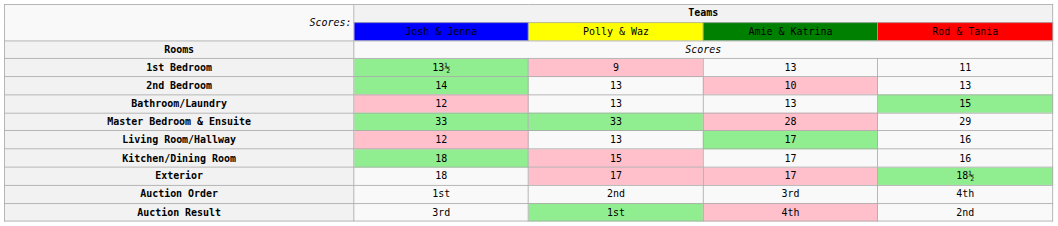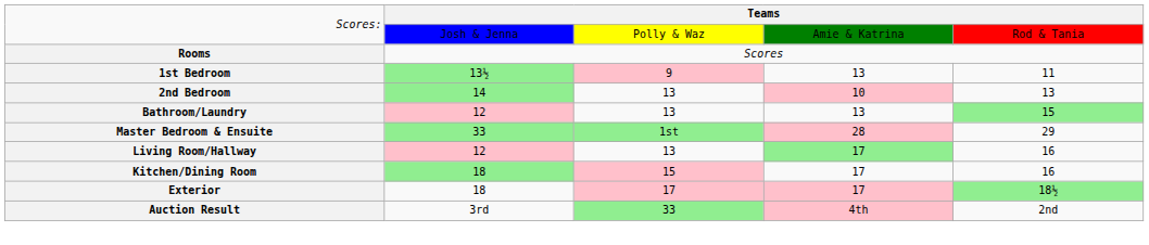 <table class="wikitable" style="text-align: center; font-size: 9pt; line-height:16px; width:100%">
 <tr>
 <td style="width:10%; text-align:right;" rowspan="2"><em>Scores:</em></td>
 <th colspan="4">Teams</th>
 </tr>
 <tr>
 <td style="width:5%;" bgcolor="blue" style="color:white;">Josh & Jenna</td>
 <td style="width:5%;" bgcolor="yellow" style="color:black;">Polly & Waz</td>
 <td style="width:5%;" bgcolor="green" style="color:white;">Amie & Katrina</td>
 <td style="width:5%;" bgcolor="red" style="color:white;">Rod & Tania</td>
 </tr>
 <tr>
 <th>Rooms</th>
 <td colspan="4"><em>Scores</em></td>
 </tr>
 <tr>
 <th style="width:5%;">1st Bedroom</th>
 <td bgcolor="lightgreen">13½</td>
 <td bgcolor="pink">9</td>
 <td>13</td>
 <td>11</td>
 </tr>
 <tr>
 <th style="width:5%;">2nd Bedroom</th>
 <td bgcolor="lightgreen">14</td>
 <td>13</td>
 <td bgcolor="pink">10</td>
 <td>13</td>
 </tr>
 <tr>
 <th style="width:5%;">Bathroom/Laundry</th>
 <td bgcolor="pink">12</td>
 <td>13</td>
 <td>13</td>
 <td bgcolor="lightgreen">15</td>
 </tr>
 <tr>
 <th style="width:5%;">Master Bedroom & Ensuite</th>
 <td bgcolor="lightgreen">33</td>
-<td bgcolor="lightgreen">33</td>
+<td bgcolor="lightgreen">1st</td>
 <td bgcolor="pink">28</td>
 <td>29</td>
 </tr>
 <tr>
 <th style="width:5%;">Living Room/Hallway</th>
 <td bgcolor="pink">12</td>
 <td>13</td>
 <td bgcolor="lightgreen">17</td>
 <td>16</td>
 </tr>
 <tr>
 <th style="width:5%;">Kitchen/Dining Room</th>
 <td bgcolor="lightgreen">18</td>
 <td bgcolor="pink">15</td>
 <td>17</td>
 <td>16</td>
 </tr>
 <tr>
 <th style="width:5%;">Exterior</th>
 <td>18</td>
 <td bgcolor="pink">17</td>
 <td bgcolor="pink">17</td>
 <td bgcolor="lightgreen">18½</td>
 </tr>
 <tr>
-<th style="width:5%;">Auction Order</th>
-<td>1st</td>
-<td>2nd</td>
-<td>3rd</td>
-<td>4th</td>
-</tr>
-<tr>
 <th style="width:5%;">Auction Result</th>
 <td>3rd</td>
-<td bgcolor="lightgreen">1st</td>
+<td bgcolor="lightgreen">33</td>
 <td bgcolor="pink">4th</td>
 <td>2nd</td>
 </tr>
 </table>
